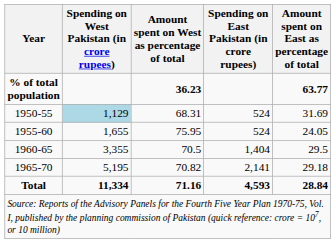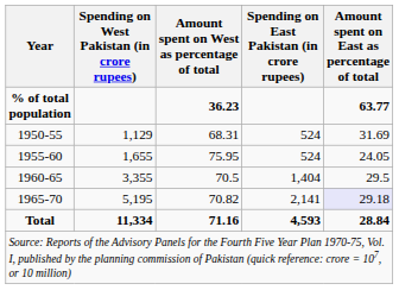 <table class="wikitable" style="margin:0 auto; width:460px;">
 <tr>
 <th width=16%>Year</th>
 <th width=28%>Spending on West Pakistan (in <a href='#'>crore</a> <a href='#'>rupees</a>)</th>
 <th width=28%>Amount spent on West as percentage of total</th>
 <th width=28%>Spending on East Pakistan (in crore rupees)</th>
 <th width=28%>Amount spent on East as percentage of total</th>
 </tr>
 <tr>
 <td align="center"><strong>% of total population</strong></td>
 <td></td>
 <td align="right"><strong>36.23</strong></td>
 <td></td>
 <td align="right"><strong>63.77</strong></td>
 </tr>
 <tr>
 <td align="center">1950-55</td>
-<td align="right" style="background: lightblue;">1,129</td>
+<td align="right">1,129</td>
 <td align="right">68.31</td>
 <td align="right">524</td>
 <td align="right">31.69</td>
 </tr>
 <tr>
 <td align="center">1955-60</td>
 <td align="right">1,655</td>
 <td align="right">75.95</td>
 <td align="right">524</td>
 <td align="right">24.05</td>
 </tr>
 <tr>
 <td align="center">1960-65</td>
 <td align="right">3,355</td>
 <td align="right">70.5</td>
 <td align="right">1,404</td>
 <td align="right">29.5</td>
 </tr>
 <tr>
 <td align="center">1965-70</td>
 <td align="right">5,195</td>
 <td align="right">70.82</td>
 <td align="right">2,141</td>
-<td align="right">29.18</td>
+<td align="right" style="background: lavender;">29.18</td>
 </tr>
 <tr>
 <td align="center"><strong>Total</strong></td>
 <td align="right"><strong>11,334</strong></td>
 <td align="right"><strong>71.16</strong></td>
 <td align="right"><strong>4,593</strong></td>
 <td align="right"><strong>28.84</strong></td>
 </tr>
 <tr>
 <td colspan=5><small><em>Source: Reports of the Advisory Panels for the Fourth Five Year Plan 1970-75, Vol. I, published by the planning commission of Pakistan (quick reference: crore = 10<sup>7</sup>, or 10 million)</em></small></td>
 </tr>
 </table>
